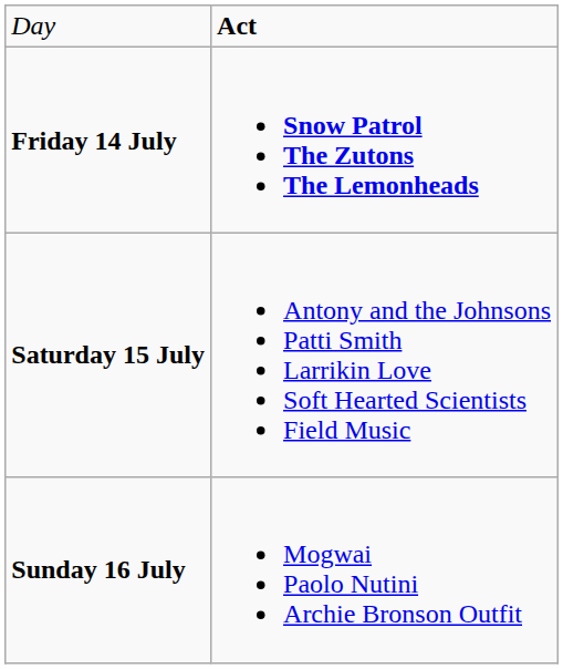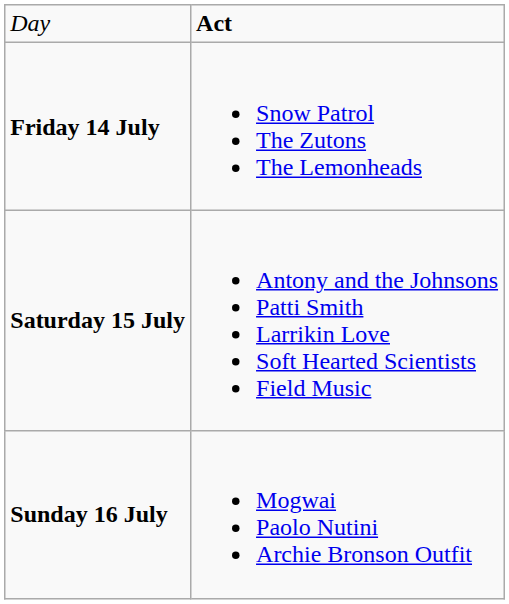 <table class="wikitable">
 <tr>
 <td><em>Day</em></td>
 <td><strong>Act</strong></td>
 </tr>
 <tr>
 <td><strong>Friday 14 July</strong></td>
-<td><strong><br><ul><li><a href='#'>Snow Patrol</a></li><li><a href='#'>The Zutons</a></li><li><a href='#'>The Lemonheads</a></li></ul></strong></td>
+<td><br><ul><li><a href='#'>Snow Patrol</a></li><li><a href='#'>The Zutons</a></li><li><a href='#'>The Lemonheads</a></li></ul></td>
 </tr>
 <tr>
 <td><strong>Saturday 15 July</strong></td>
 <td><br><ul><li><a href='#'>Antony and the Johnsons</a></li><li><a href='#'>Patti Smith</a></li><li><a href='#'>Larrikin Love</a></li><li><a href='#'>Soft Hearted Scientists</a></li><li><a href='#'>Field Music</a></li></ul></td>
 </tr>
 <tr>
 <td><strong>Sunday 16 July</strong></td>
 <td><br><ul><li><a href='#'>Mogwai</a></li><li><a href='#'>Paolo Nutini</a></li><li><a href='#'>Archie Bronson Outfit</a></li></ul></td>
 </tr>
 </table>
